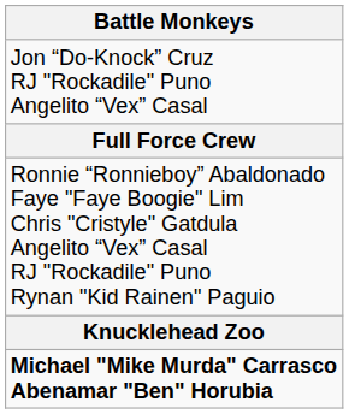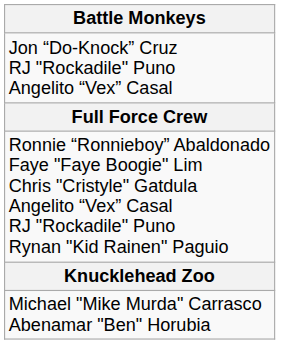 <table class="wikitable">
 <tr>
 <th><strong>Battle Monkeys</strong></th>
 </tr>
 <tr>
 <td>Jon “Do-Knock” Cruz<br>RJ "Rockadile" Puno<br>Angelito “Vex” Casal</td>
 </tr>
 <tr>
 <th><strong>Full Force Crew</strong></th>
 </tr>
 <tr>
 <td>Ronnie “Ronnieboy” Abaldonado<br>Faye "Faye Boogie" Lim<br>Chris "Cristyle" Gatdula<br>Angelito “Vex” Casal<br>RJ "Rockadile" Puno<br>Rynan "Kid Rainen" Paguio</td>
 </tr>
 <tr>
 <th><strong>Knucklehead Zoo</strong></th>
 </tr>
 <tr>
-<td><strong>Michael "Mike Murda" Carrasco<br>Abenamar "Ben" Horubia</strong></td>
+<td>Michael "Mike Murda" Carrasco<br>Abenamar "Ben" Horubia</td>
 </tr>
 </table>
